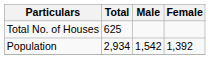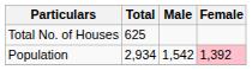 <table class="wikitable sortable">
 <tr>
 <th>Particulars</th>
 <th>Total</th>
 <th>Male</th>
 <th>Female</th>
 </tr>
 <tr>
 <td>Total No. of Houses</td>
 <td>625</td>
 <td></td>
 <td></td>
 </tr>
 <tr>
 <td>Population</td>
 <td>2,934</td>
 <td>1,542</td>
-<td>1,392</td>
+<td style="background: pink;">1,392</td>
 </tr>
 <tr>
 </tr>
 </table>
